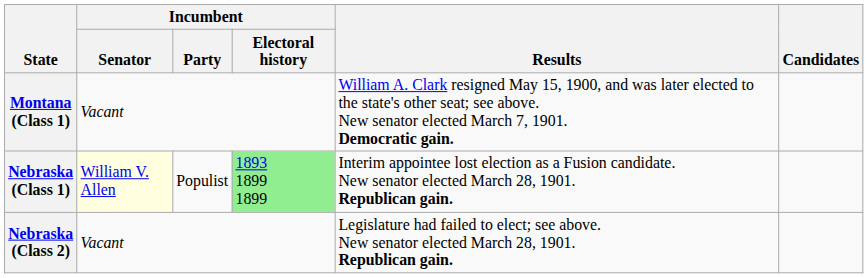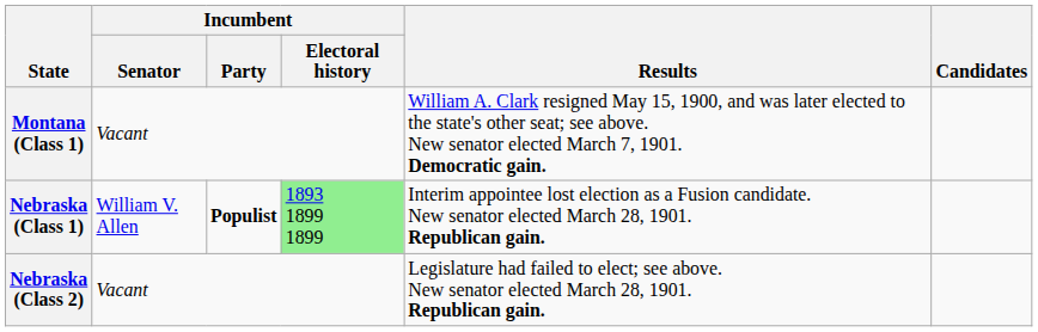 <table class=wikitable>
 <tr valign=bottom>
 <th rowspan=2>State</th>
 <th colspan=3>Incumbent</th>
 <th rowspan=2>Results</th>
 <th rowspan=2>Candidates</th>
 </tr>
 <tr valign=bottom>
 <th>Senator</th>
 <th>Party</th>
 <th>Electoral history</th>
 </tr>
 <tr>
 <th><a href='#'>Montana</a><br>(Class 1)</th>
 <td colspan=3><em>Vacant</em></td>
 <td><a href='#'>William A. Clark</a> resigned May 15, 1900, and was later elected to the state's other seat; see above.<br>New senator elected March 7, 1901.<br><strong>Democratic gain.</strong></td>
 <td nowrap></td>
 </tr>
 <tr>
 <th><a href='#'>Nebraska</a><br>(Class 1)</th>
-<td style="background: lightyellow;"><a href='#'>William V. Allen</a></td>
-<td>Populist</td>
+<td><a href='#'>William V. Allen</a></td>
+<td><strong>Populist</strong></td>
 <td style="background: lightgreen;"><a href='#'>1893</a><br>1899 <br>1899 </td>
 <td>Interim appointee lost election as a Fusion candidate.<br>New senator elected March 28, 1901.<br><strong>Republican gain.</strong></td>
 <td nowrap></td>
 </tr>
 <tr>
 <th><a href='#'>Nebraska</a><br>(Class 2)</th>
 <td colspan=3><em>Vacant</em></td>
 <td>Legislature had failed to elect; see above.<br>New senator elected March 28, 1901.<br><strong>Republican gain.</strong></td>
 <td nowrap></td>
 </tr>
 </table>
